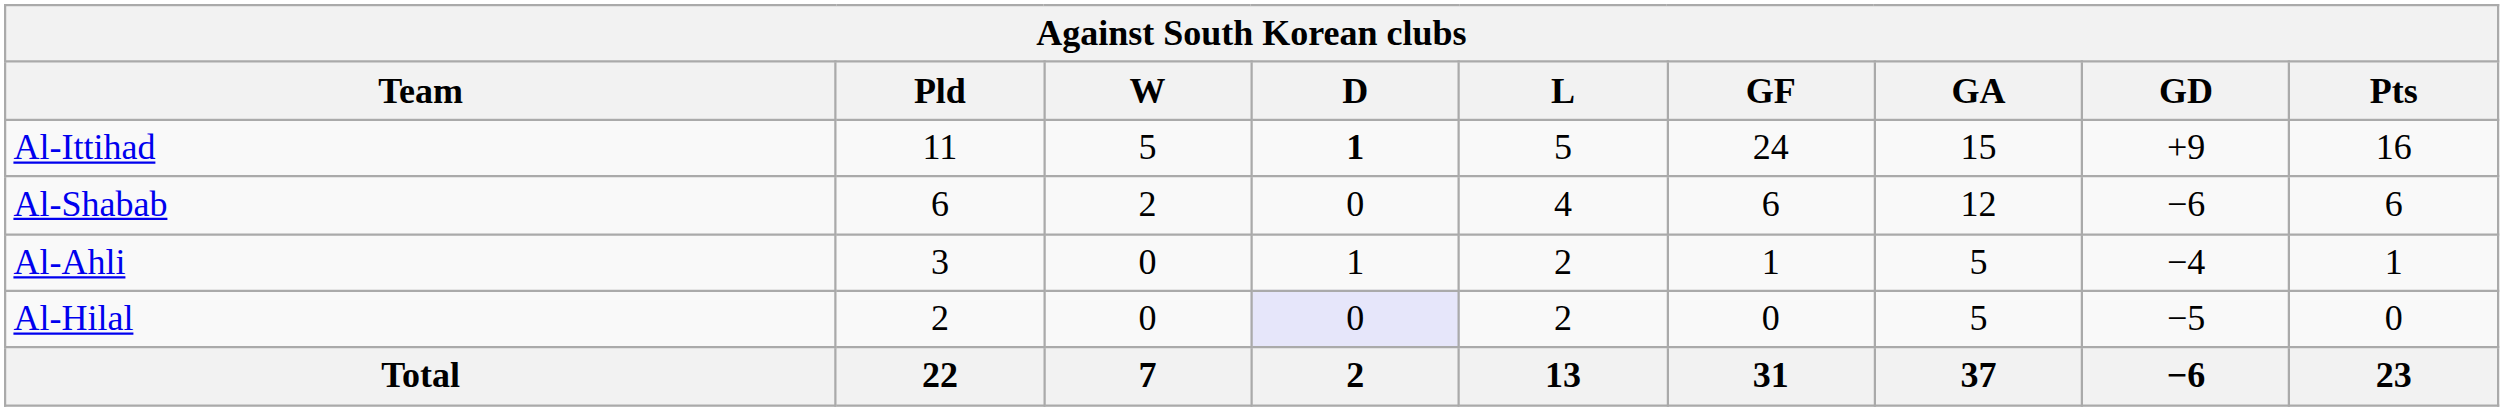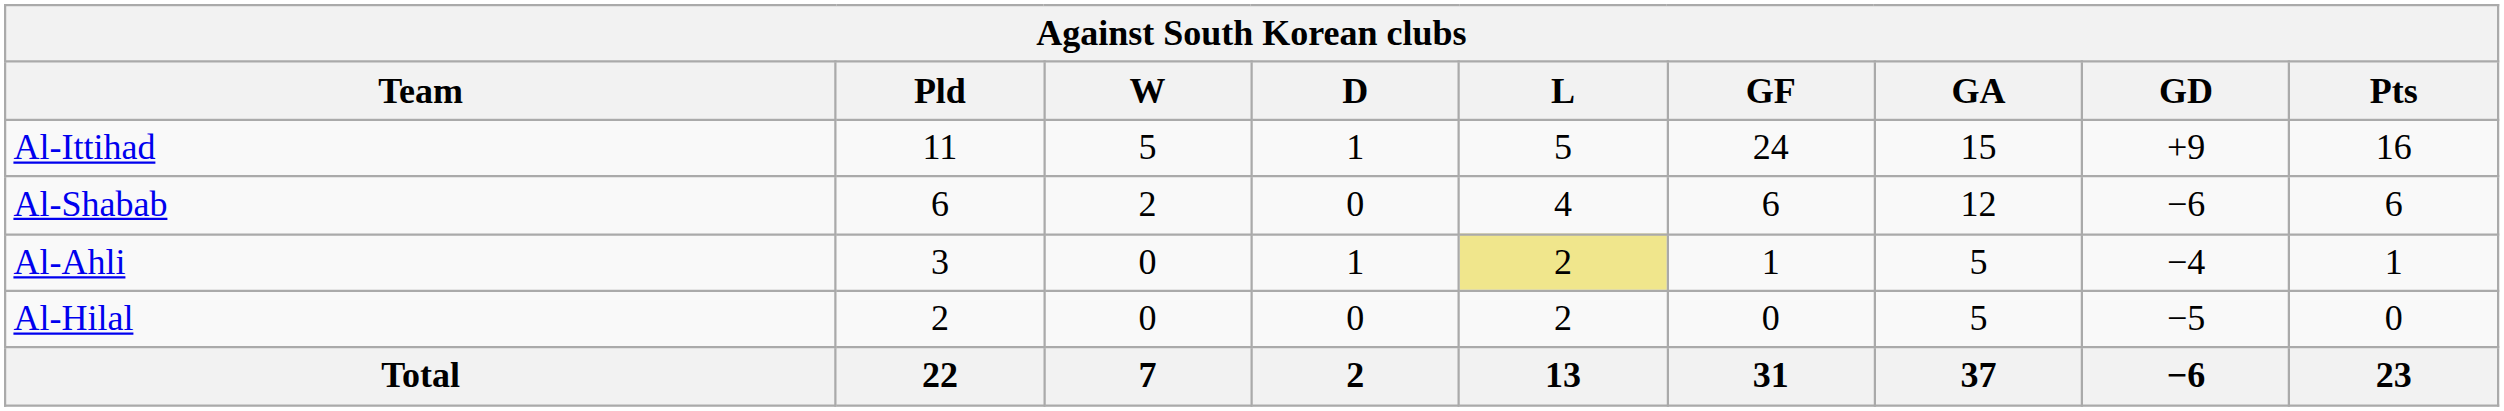 <table class="wikitable" style="width:70%; text-align:center;">
 <tr>
 <th colspan=9>Against South Korean clubs</th>
 </tr>
 <tr>
 <th style="width:20%;">Team</th>
 <th width=5%>Pld</th>
 <th width=5%>W</th>
 <th width=5%>D</th>
 <th width=5%>L</th>
 <th width=5%>GF</th>
 <th width=5%>GA</th>
 <th width=5%>GD</th>
 <th width=5%>Pts</th>
 </tr>
 <tr>
 <td align=left> <a href='#'>Al-Ittihad</a></td>
 <td>11</td>
 <td>5</td>
-<td><strong>1</strong></td>
+<td>1</td>
 <td>5</td>
 <td>24</td>
 <td>15</td>
 <td>+9</td>
 <td>16</td>
 </tr>
 <tr>
 <td align=left> <a href='#'>Al-Shabab</a></td>
 <td>6</td>
 <td>2</td>
 <td>0</td>
 <td>4</td>
 <td>6</td>
 <td>12</td>
 <td>−6</td>
 <td>6</td>
 </tr>
 <tr>
 <td align=left> <a href='#'>Al-Ahli</a></td>
 <td>3</td>
 <td>0</td>
 <td>1</td>
-<td>2</td>
+<td style="background: khaki;">2</td>
 <td>1</td>
 <td>5</td>
 <td>−4</td>
 <td>1</td>
 </tr>
 <tr>
 <td align=left> <a href='#'>Al-Hilal</a></td>
 <td>2</td>
 <td>0</td>
-<td style="background: lavender;">0</td>
+<td>0</td>
 <td>2</td>
 <td>0</td>
 <td>5</td>
 <td>−5</td>
 <td>0</td>
 </tr>
 <tr>
 <th>Total</th>
 <th>22</th>
 <th>7</th>
 <th>2</th>
 <th>13</th>
 <th>31</th>
 <th>37</th>
 <th>−6</th>
 <th>23</th>
 </tr>
 </table>
